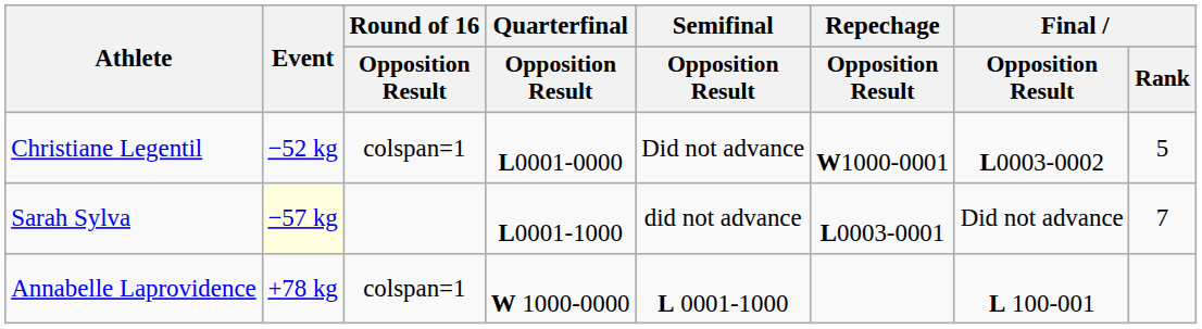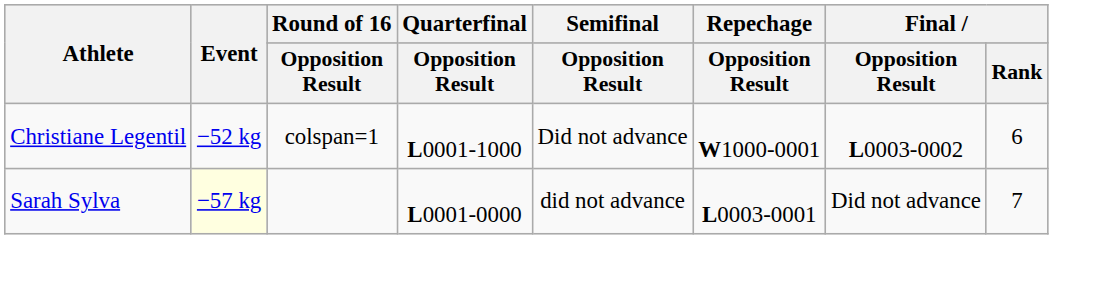 <table class="wikitable" style="font-size:90%">
 <tr>
 <th rowspan=2>Athlete</th>
 <th rowspan=2>Event</th>
 <th>Round of 16</th>
 <th>Quarterfinal</th>
 <th>Semifinal</th>
 <th>Repechage</th>
 <th colspan=2>Final / </th>
 </tr>
 <tr style="font-size: 95%">
 <th>Opposition<br>Result</th>
 <th>Opposition<br>Result</th>
 <th>Opposition<br>Result</th>
 <th>Opposition<br>Result</th>
 <th>Opposition<br>Result</th>
 <th>Rank</th>
 </tr>
 <tr align=center>
 <td align=left><a href='#'>Christiane Legentil</a></td>
 <td align=left><a href='#'>−52 kg</a></td>
 <td>colspan=1 </td>
-<td><br><strong>L</strong>0001-0000</td>
+<td><br><strong>L</strong>0001-1000</td>
 <td>Did not advance</td>
 <td><br><strong>W</strong>1000-0001</td>
 <td><br><strong>L</strong>0003-0002</td>
-<td>5</td>
+<td>6</td>
 </tr>
 <tr align=center>
 <td align=left><a href='#'>Sarah Sylva</a></td>
 <td align=left style="background: lightyellow;"><a href='#'>−57 kg</a></td>
 <td></td>
-<td><br><strong>L</strong>0001-1000</td>
+<td><br><strong>L</strong>0001-0000</td>
 <td colspan=1>did not advance</td>
 <td><br><strong>L</strong>0003-0001</td>
 <td>Did not advance</td>
 <td>7</td>
 </tr>
-<tr align=center>
-<td align=left><a href='#'>Annabelle Laprovidence</a></td>
-<td align=left><a href='#'>+78 kg</a></td>
-<td>colspan=1 </td>
-<td><br><strong>W</strong> 1000-0000</td>
-<td><br><strong>L</strong> 0001-1000</td>
-<td></td>
-<td><br><strong>L</strong> 100-001</td>
-<td></td>
-</tr>
 </table>
